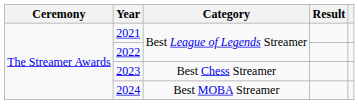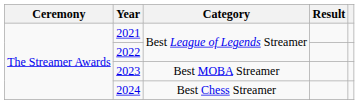 <table class="wikitable" style="text-align:center;">
 <tr>
 <th>Ceremony</th>
 <th>Year</th>
 <th>Category</th>
 <th>Result</th>
 <th></th>
 </tr>
 <tr>
 <td rowspan="4"><a href='#'>The Streamer Awards</a></td>
 <td><a href='#'>2021</a></td>
 <td rowspan="2">Best <em><a href='#'>League of Legends</a></em> Streamer</td>
 <td></td>
 <td></td>
 </tr>
 <tr>
 <td><a href='#'>2022</a></td>
 <td></td>
 <td></td>
 </tr>
 <tr>
 <td><a href='#'>2023</a></td>
-<td>Best <a href='#'>Chess</a> Streamer</td>
+<td>Best <a href='#'>MOBA</a> Streamer</td>
 <td></td>
 <td></td>
 </tr>
 <tr>
 <td><a href='#'>2024</a></td>
-<td>Best <a href='#'>MOBA</a> Streamer</td>
+<td>Best <a href='#'>Chess</a> Streamer</td>
 <td></td>
 <td></td>
 </tr>
 </table>
